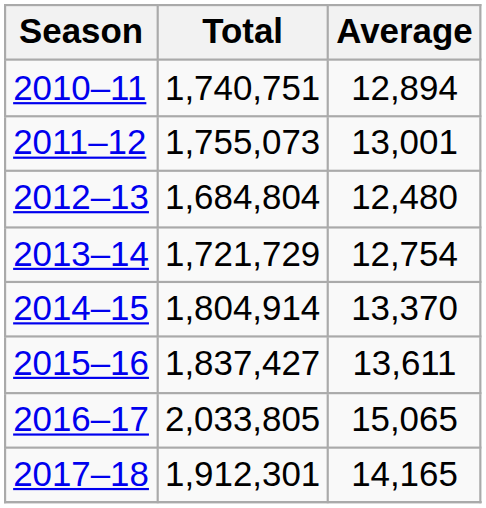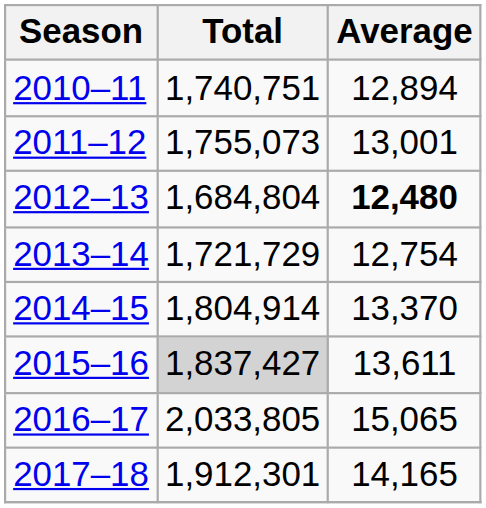 <table class="wikitable">
 <tr>
 <th>Season</th>
 <th>Total</th>
 <th width>Average</th>
 </tr>
 <tr>
 <td><a href='#'>2010–11</a></td>
 <td>1,740,751</td>
 <td style="text-align: center;">12,894</td>
 </tr>
 <tr>
 <td><a href='#'>2011–12</a></td>
 <td>1,755,073</td>
 <td style="text-align: center;">13,001</td>
 </tr>
 <tr>
 <td><a href='#'>2012–13</a></td>
 <td>1,684,804</td>
-<td style="text-align: center;">12,480</td>
+<td style="text-align: center;"><strong>12,480</strong></td>
 </tr>
 <tr>
 <td><a href='#'>2013–14</a></td>
 <td>1,721,729</td>
 <td style="text-align: center;">12,754</td>
 </tr>
 <tr>
 <td><a href='#'>2014–15</a></td>
 <td>1,804,914</td>
 <td style="text-align: center;">13,370</td>
 </tr>
 <tr>
 <td><a href='#'>2015–16</a></td>
-<td>1,837,427</td>
+<td style="background: lightgrey;">1,837,427</td>
 <td style="text-align: center;">13,611</td>
 </tr>
 <tr>
 <td><a href='#'>2016–17</a></td>
 <td>2,033,805</td>
 <td style="text-align: center;">15,065</td>
 </tr>
 <tr>
 <td><a href='#'>2017–18</a></td>
 <td>1,912,301</td>
 <td style="text-align: center;">14,165</td>
 </tr>
 <tr>
 </tr>
 </table>
